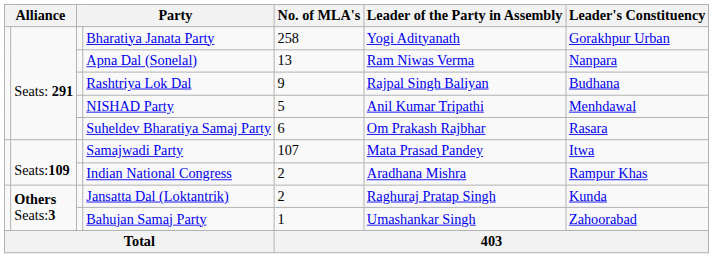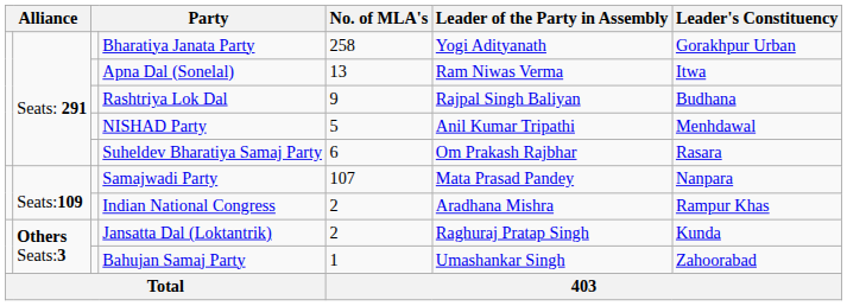 <table class="wikitable">
 <tr>
 <th colspan="2">Alliance</th>
 <th colspan="2">Party</th>
 <th>No. of MLA's</th>
 <th>Leader of the Party in Assembly</th>
 <th>Leader's Constituency</th>
 </tr>
 <tr>
 <td rowspan="5" style="background:"></td>
 <td rowspan="5"><br>Seats: <strong>291</strong></td>
 <td style="background:"></td>
 <td><a href='#'>Bharatiya Janata Party</a></td>
 <td>258</td>
 <td><a href='#'>Yogi Adityanath</a></td>
 <td><a href='#'>Gorakhpur Urban</a></td>
 </tr>
 <tr>
 <td style="background:"></td>
 <td><a href='#'>Apna Dal (Sonelal)</a></td>
 <td>13</td>
 <td><a href='#'>Ram Niwas Verma</a></td>
-<td><a href='#'>Nanpara</a></td>
+<td><a href='#'>Itwa</a></td>
 </tr>
 <tr>
 <td style="background:"></td>
 <td><a href='#'>Rashtriya Lok Dal</a></td>
 <td>9</td>
 <td><a href='#'>Rajpal Singh Baliyan</a></td>
 <td><a href='#'>Budhana</a></td>
 </tr>
 <tr>
 <td style="background:"></td>
 <td><a href='#'>NISHAD Party</a></td>
 <td>5</td>
 <td><a href='#'>Anil Kumar Tripathi</a></td>
 <td><a href='#'>Menhdawal</a></td>
 </tr>
 <tr>
 <td style="background:"></td>
 <td><a href='#'>Suheldev Bharatiya Samaj Party</a></td>
 <td>6</td>
 <td><a href='#'>Om Prakash Rajbhar</a></td>
 <td><a href='#'>Rasara</a></td>
 </tr>
 <tr>
 <td rowspan="2" style="background:"></td>
 <td rowspan="2"><strong></strong><br>Seats:<strong>109</strong></td>
 <td style="background:"></td>
 <td><a href='#'>Samajwadi Party</a></td>
 <td>107</td>
 <td><a href='#'>Mata Prasad Pandey</a></td>
-<td><a href='#'>Itwa</a></td>
+<td><a href='#'>Nanpara</a></td>
 </tr>
 <tr>
 <td style="background:"></td>
 <td><a href='#'>Indian National Congress</a></td>
 <td>2</td>
 <td><a href='#'>Aradhana Mishra</a></td>
 <td><a href='#'>Rampur Khas</a></td>
 </tr>
 <tr>
 <td rowspan="2" style="background:"></td>
 <td rowspan="2"><strong>Others </strong><br>Seats:<strong>3</strong></td>
 <td style="background:"></td>
 <td><a href='#'>Jansatta Dal (Loktantrik)</a></td>
 <td>2</td>
 <td><a href='#'>Raghuraj Pratap Singh</a></td>
 <td><a href='#'>Kunda</a></td>
 </tr>
 <tr>
 <td style="background:"></td>
 <td><a href='#'>Bahujan Samaj Party</a></td>
 <td>1</td>
 <td><a href='#'>Umashankar Singh</a></td>
 <td><a href='#'>Zahoorabad</a></td>
 </tr>
 <tr>
 <th colspan="4">Total</th>
 <th colspan="3">403</th>
 </tr>
 </table>
